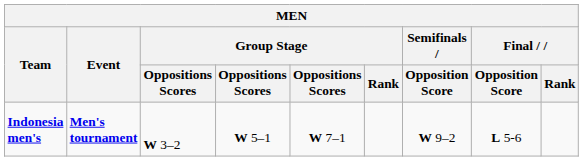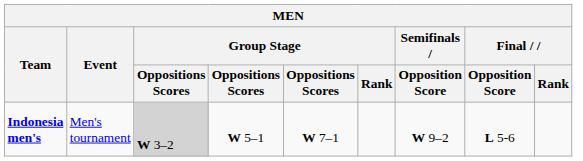 <table class=wikitable style="font-size:90%; text-align:center;">
 <tr>
 <th colspan="9">MEN</th>
 </tr>
 <tr>
 <th rowspan=2>Team</th>
 <th rowspan=2>Event</th>
 <th colspan=4>Group Stage</th>
 <th>Semifinals / </th>
 <th colspan=2>Final /  / </th>
 </tr>
 <tr>
 <th>Oppositions<br>Scores</th>
 <th>Oppositions<br>Scores</th>
 <th>Oppositions<br>Scores</th>
 <th>Rank</th>
 <th>Opposition<br>Score</th>
 <th>Opposition<br>Score</th>
 <th>Rank</th>
 </tr>
 <tr>
 <td align=left><strong><a href='#'>Indonesia men's</a></strong></td>
-<td align=left><strong><a href='#'>Men's tournament</a></strong></td>
-<td align=left><br><br><strong>W</strong> 3–2 <br></td>
+<td align=left><a href='#'>Men's tournament</a></td>
+<td align=left style="background: lightgrey;"><br><br><strong>W</strong> 3–2 <br></td>
 <td><br><strong>W</strong> 5–1 <br></td>
 <td><br><strong>W</strong> 7–1 <br></td>
 <td></td>
 <td><br><strong>W</strong> 9–2 <br></td>
 <td><br><strong>L</strong> 5-6 <br></td>
 <td></td>
 </tr>
 </table>
